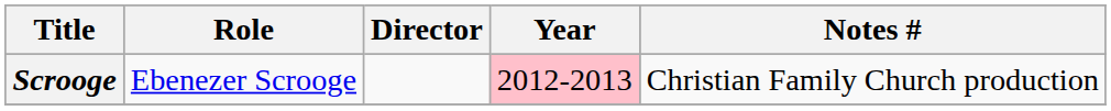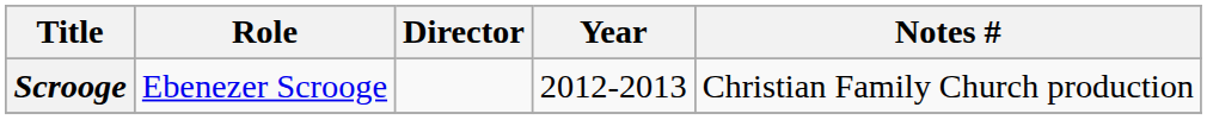 <table class="wikitable plainrowheaders sortable">
 <tr>
 <th scope="col">Title</th>
 <th scope="col">Role</th>
 <th scope="col">Director</th>
 <th scope="col">Year</th>
 <th scope="col" class="unsortable">Notes #</th>
 </tr>
 <tr>
 <th scope="row"><em>Scrooge</em></th>
 <td><a href='#'>Ebenezer Scrooge</a></td>
 <td></td>
-<td style="background: pink;">2012-2013</td>
+<td>2012-2013</td>
 <td>Christian Family Church production</td>
 </tr>
 <tr>
 </tr>
 </table>
